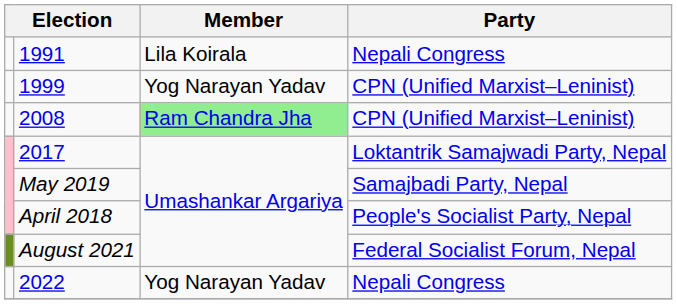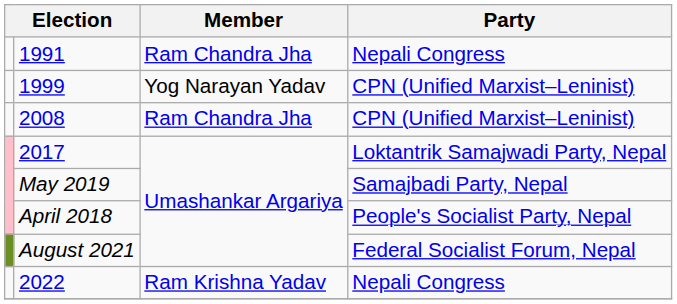 <table class="wikitable">
 <tr>
 <th colspan="2">Election</th>
 <th>Member</th>
 <th>Party</th>
 </tr>
 <tr>
 <td style="background-color:"></td>
 <td><a href='#'>1991</a></td>
-<td>Lila Koirala</td>
+<td><a href='#'>Ram Chandra Jha</a></td>
 <td><a href='#'>Nepali Congress</a></td>
 </tr>
 <tr>
 <td style="background-color:"></td>
 <td><a href='#'>1999</a></td>
 <td>Yog Narayan Yadav</td>
 <td><a href='#'>CPN (Unified Marxist–Leninist)</a></td>
 </tr>
 <tr>
 <td style="background-color:"></td>
 <td><a href='#'>2008</a></td>
-<td style="background: lightgreen;"><a href='#'>Ram Chandra Jha</a></td>
+<td><a href='#'>Ram Chandra Jha</a></td>
 <td><a href='#'>CPN (Unified Marxist–Leninist)</a></td>
 </tr>
 <tr>
 <td rowspan="3" style="background-color:#ffc0cb"></td>
 <td><a href='#'>2017</a></td>
 <td rowspan="4"><a href='#'>Umashankar Argariya</a></td>
 <td><a href='#'>Loktantrik Samajwadi Party, Nepal</a></td>
 </tr>
 <tr>
 <td><em>May 2019</em></td>
 <td><a href='#'>Samajbadi Party, Nepal</a></td>
 </tr>
 <tr>
 <td><em>April 2018</em></td>
 <td><a href='#'>People's Socialist Party, Nepal</a></td>
 </tr>
 <tr>
 <td style="background-color:olivedrab"></td>
 <td><em>August 2021</em></td>
 <td><a href='#'>Federal Socialist Forum, Nepal</a></td>
 </tr>
 <tr>
 <td style="background-color:"></td>
 <td><a href='#'>2022</a></td>
-<td>Yog Narayan Yadav</td>
+<td><a href='#'>Ram Krishna Yadav</a></td>
 <td><a href='#'>Nepali Congress</a></td>
 </tr>
 <tr>
 </tr>
 </table>
